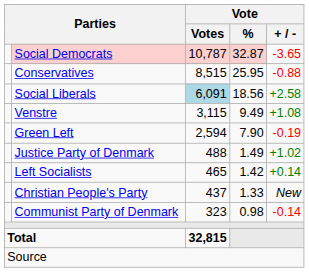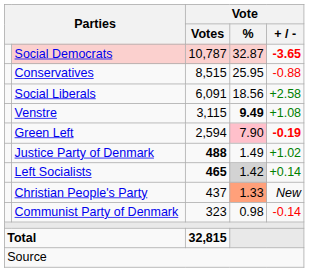 <table class="wikitable" style="text-align:right;">
 <tr>
 <th style="text-align:centre;" rowspan="2" colspan="2" width="225">Parties</th>
 <th colspan="3">Vote</th>
 </tr>
 <tr>
 <th width="15">Votes</th>
 <th width="15">%</th>
 <th width="15">+ / -</th>
 </tr>
 <tr>
 <td width="2" style="color:inherit;background:"></td>
 <td bgcolor=#fbd0ce  align="left"><a href='#'>Social Democrats</a></td>
 <td bgcolor=#fbd0ce>10,787</td>
 <td bgcolor=#fbd0ce>32.87</td>
-<td style=color:red;>-3.65</td>
+<td style=color:red;><strong>-3.65</strong></td>
 </tr>
 <tr>
 <td width="2" style="color:inherit;background:"></td>
 <td align="left"><a href='#'>Conservatives</a></td>
 <td>8,515</td>
 <td>25.95</td>
 <td style=color:red;>-0.88</td>
 </tr>
 <tr>
 <td width="2" style="color:inherit;background:"></td>
 <td align="left"><a href='#'>Social Liberals</a></td>
-<td style="background: lightblue;">6,091</td>
+<td>6,091</td>
 <td>18.56</td>
 <td style=color:green;>+2.58</td>
 </tr>
 <tr>
 <td width="2" style="color:inherit;background:"></td>
 <td align="left"><a href='#'>Venstre</a></td>
 <td>3,115</td>
-<td>9.49</td>
+<td><strong>9.49</strong></td>
 <td style=color:green;>+1.08</td>
 </tr>
 <tr>
 <td width="2" style="color:inherit;background:"></td>
 <td align="left"><a href='#'>Green Left</a></td>
 <td>2,594</td>
-<td>7.90</td>
-<td style=color:red;>-0.19</td>
+<td style="background: pink;">7.90</td>
+<td style=color:red;><strong>-0.19</strong></td>
 </tr>
 <tr>
 <td width="2" style="color:inherit;background:"></td>
 <td align="left"><a href='#'>Justice Party of Denmark</a></td>
-<td>488</td>
+<td><strong>488</strong></td>
 <td>1.49</td>
 <td style=color:green;>+1.02</td>
 </tr>
 <tr>
 <td width="2" style="color:inherit;background:"></td>
 <td align="left"><a href='#'>Left Socialists</a></td>
-<td>465</td>
-<td>1.42</td>
+<td><strong>465</strong></td>
+<td style="background: lightgrey;">1.42</td>
 <td style=color:green;>+0.14</td>
 </tr>
 <tr>
 <td width="2" style="color:inherit;background:"></td>
 <td align="left"><a href='#'>Christian People's Party</a></td>
 <td>437</td>
-<td>1.33</td>
+<td style="background: lightsalmon;">1.33</td>
 <td><em>New</em></td>
 </tr>
 <tr>
 <td width="2" style="color:inherit;background:"></td>
 <td align="left"><a href='#'>Communist Party of Denmark</a></td>
 <td>323</td>
 <td>0.98</td>
 <td style=color:red;>-0.14</td>
 </tr>
 <tr>
 <td colspan="7" bgcolor="#E9E9E9"></td>
 </tr>
 <tr>
 <td align="left" colspan="2"><strong>Total</strong></td>
 <td><strong>32,815</strong></td>
 <td bgcolor="#E9E9E9" colspan="2"></td>
 </tr>
 <tr>
 <td align="left" colspan="6">Source</td>
 </tr>
 </table>
